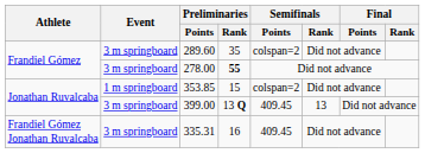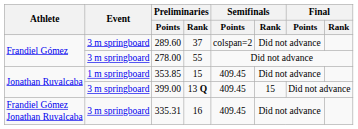 <table class="wikitable" style="text-align:center; font-size:90%">
 <tr>
 <th rowspan=2>Athlete</th>
 <th rowspan=2>Event</th>
 <th colspan=2>Preliminaries</th>
 <th colspan=2>Semifinals</th>
 <th colspan=2>Final</th>
 </tr>
 <tr style="font-size:95%">
 <th>Points</th>
 <th>Rank</th>
 <th>Points</th>
 <th>Rank</th>
 <th>Points</th>
 <th>Rank</th>
 </tr>
 <tr>
 <td align=left rowspan=2><a href='#'>Frandiel Gómez</a></td>
 <td align=left><a href='#'>3 m springboard</a></td>
 <td>289.60</td>
-<td>35</td>
+<td>37</td>
 <td>colspan=2 </td>
 <td colspan=2>Did not advance</td>
 </tr>
 <tr>
 <td align=left><a href='#'>3 m springboard</a></td>
 <td>278.00</td>
-<td><strong>55</strong></td>
+<td>55</td>
 <td colspan=4>Did not advance</td>
 </tr>
 <tr>
 <td align=left rowspan=2><a href='#'>Jonathan Ruvalcaba</a></td>
 <td align=left><a href='#'>1 m springboard</a></td>
 <td>353.85</td>
 <td>15</td>
-<td>colspan=2 </td>
+<td>409.45</td>
 <td colspan=2>Did not advance</td>
 </tr>
 <tr>
 <td align=left><a href='#'>3 m springboard</a></td>
 <td>399.00</td>
 <td>13 <strong>Q</strong></td>
 <td>409.45</td>
-<td>13</td>
+<td>15</td>
 <td colspan=2>Did not advance</td>
 </tr>
 <tr>
 <td align=left><a href='#'>Frandiel Gómez</a> <br> <a href='#'>Jonathan Ruvalcaba</a></td>
 <td align=left><a href='#'>3 m springboard</a></td>
 <td>335.31</td>
 <td>16</td>
 <td>409.45</td>
 <td colspan=2>Did not advance</td>
 </tr>
 </table>
